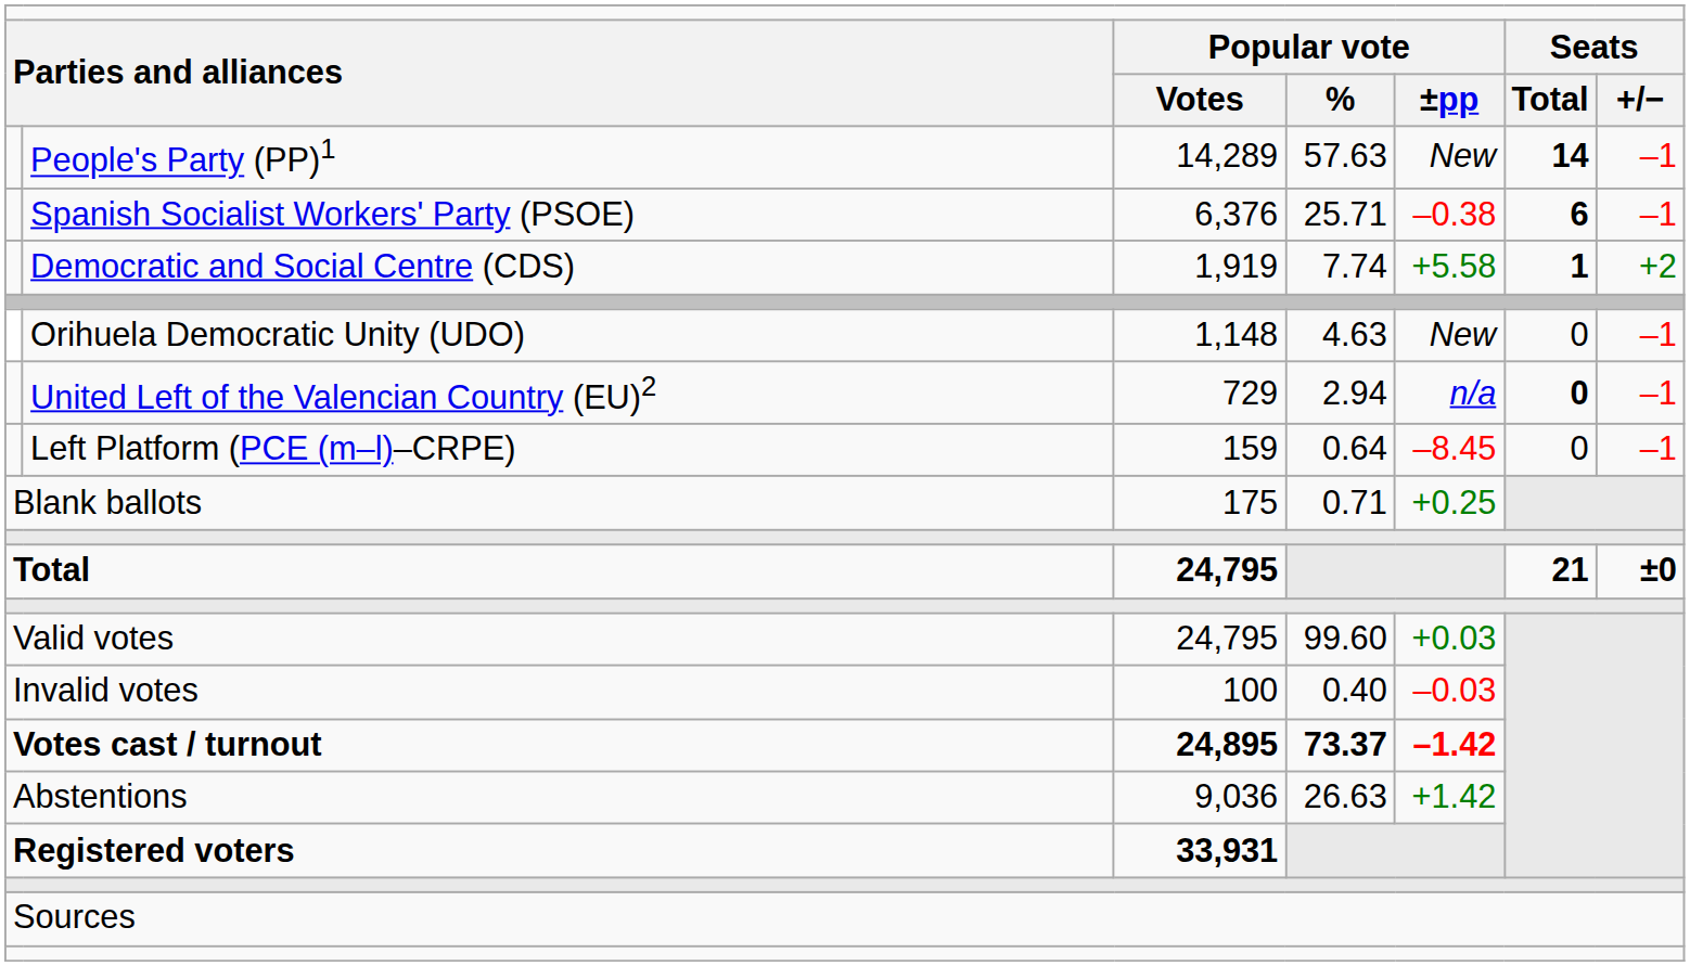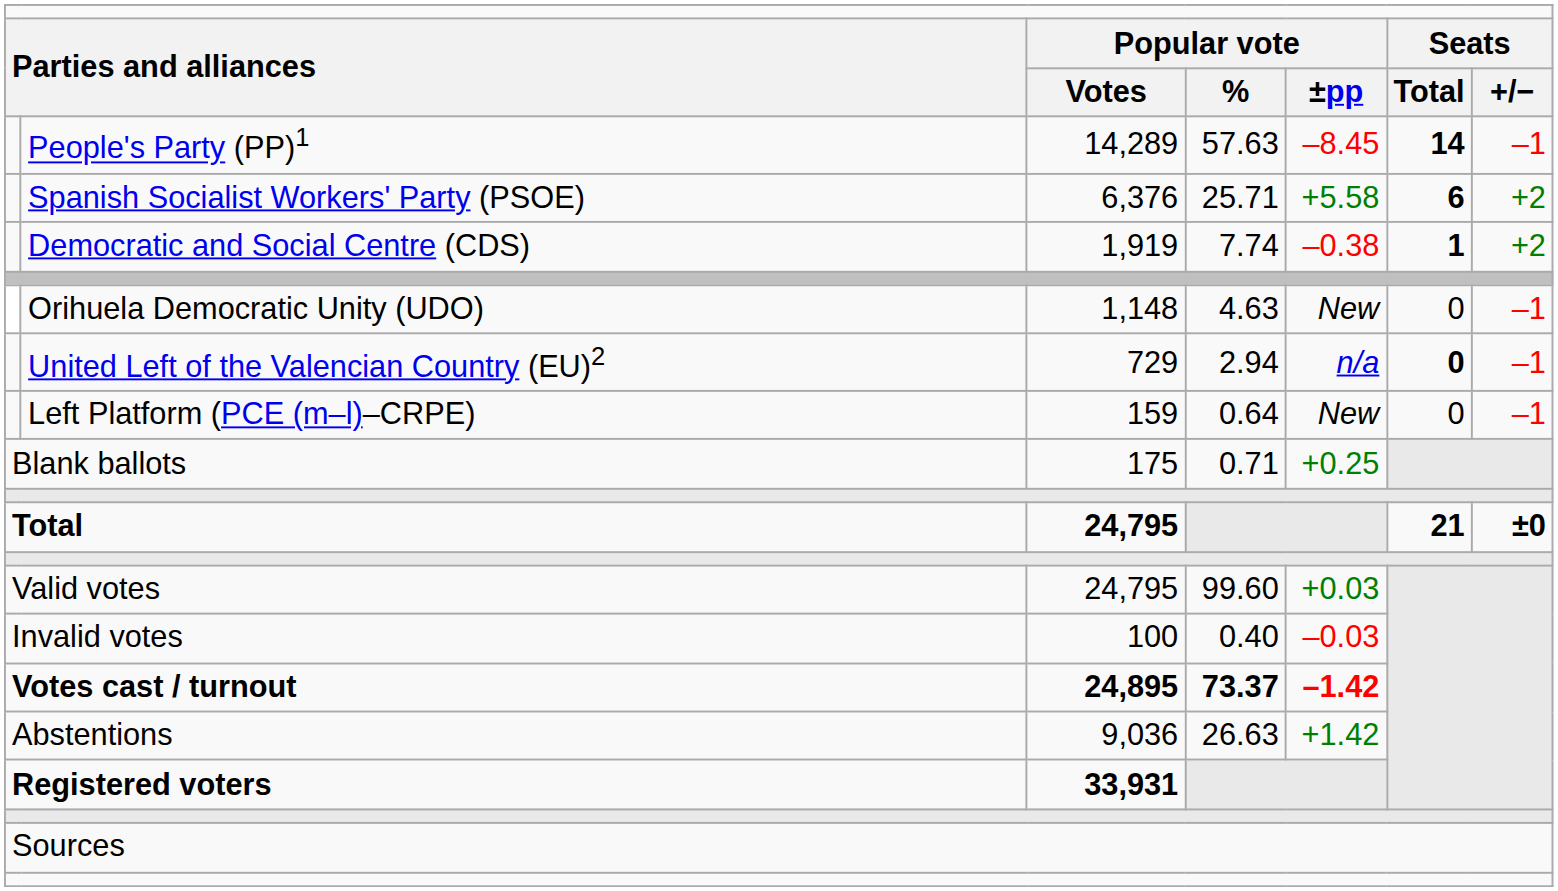 <table class="wikitable" style="text-align:right;">
 <tr>
 <td colspan="7"></td>
 </tr>
 <tr>
 <th style="text-align:left;" rowspan="2" colspan="2" width="525">Parties and alliances</th>
 <th colspan="3">Popular vote</th>
 <th colspan="2">Seats</th>
 </tr>
 <tr>
 <th width="75">Votes</th>
 <th width="45">%</th>
 <th width="45">±<a href='#'>pp</a></th>
 <th width="35">Total</th>
 <th width="35">+/−</th>
 </tr>
 <tr>
 <td width="1" style="color:inherit;background:"></td>
 <td align="left"><a href='#'>People's Party</a> (PP)<sup>1</sup></td>
 <td>14,289</td>
 <td>57.63</td>
-<td><em>New</em></td>
+<td style="color:red;">–8.45</td>
 <td><strong>14</strong></td>
 <td style="color:red;">–1</td>
 </tr>
 <tr>
 <td style="color:inherit;background:"></td>
 <td align="left"><a href='#'>Spanish Socialist Workers' Party</a> (PSOE)</td>
 <td>6,376</td>
 <td>25.71</td>
-<td style="color:red;">–0.38</td>
+<td style="color:green;">+5.58</td>
 <td><strong>6</strong></td>
-<td style="color:red;">–1</td>
+<td style="color:green;">+2</td>
 </tr>
 <tr>
 <td style="color:inherit;background:"></td>
 <td align="left"><a href='#'>Democratic and Social Centre</a> (CDS)</td>
 <td>1,919</td>
 <td>7.74</td>
-<td style="color:green;">+5.58</td>
+<td style="color:red;">–0.38</td>
 <td><strong>1</strong></td>
 <td style="color:green;">+2</td>
 </tr>
 <tr>
 <td colspan="7" bgcolor="#C0C0C0"></td>
 </tr>
 <tr>
 <td bgcolor="white"></td>
 <td align="left">Orihuela Democratic Unity (UDO)</td>
 <td>1,148</td>
 <td>4.63</td>
 <td><em>New</em></td>
 <td>0</td>
 <td style="color:red;">–1</td>
 </tr>
 <tr>
 <td style="color:inherit;background:"></td>
 <td align="left"><a href='#'>United Left of the Valencian Country</a> (EU)<sup>2</sup></td>
 <td>729</td>
 <td>2.94</td>
 <td><em><a href='#'>n/a</a></em></td>
 <td><strong>0</strong></td>
 <td style="color:red;">–1</td>
 </tr>
 <tr>
 <td style="color:inherit;background:"></td>
 <td align="left">Left Platform (<a href='#'>PCE (m–l)</a>–CRPE)</td>
 <td>159</td>
 <td>0.64</td>
-<td style="color:red;">–8.45</td>
+<td><em>New</em></td>
 <td>0</td>
 <td style="color:red;">–1</td>
 </tr>
 <tr>
 <td align="left" colspan="2">Blank ballots</td>
 <td>175</td>
 <td>0.71</td>
 <td style="color:green;">+0.25</td>
 <td bgcolor="#E9E9E9" colspan="2"></td>
 </tr>
 <tr>
 <td colspan="7" bgcolor="#E9E9E9"></td>
 </tr>
 <tr style="font-weight:bold;">
 <td align="left" colspan="2">Total</td>
 <td>24,795</td>
 <td bgcolor="#E9E9E9" colspan="2"></td>
 <td>21</td>
 <td>±0</td>
 </tr>
 <tr>
 <td colspan="7" bgcolor="#E9E9E9"></td>
 </tr>
 <tr>
 <td align="left" colspan="2">Valid votes</td>
 <td>24,795</td>
 <td>99.60</td>
 <td style="color:green;">+0.03</td>
 <td bgcolor="#E9E9E9" colspan="2" rowspan="5"></td>
 </tr>
 <tr>
 <td align="left" colspan="2">Invalid votes</td>
 <td>100</td>
 <td>0.40</td>
 <td style="color:red;">–0.03</td>
 </tr>
 <tr style="font-weight:bold;">
 <td align="left" colspan="2">Votes cast / turnout</td>
 <td>24,895</td>
 <td>73.37</td>
 <td style="color:red;">–1.42</td>
 </tr>
 <tr>
 <td align="left" colspan="2">Abstentions</td>
 <td>9,036</td>
 <td>26.63</td>
 <td style="color:green;">+1.42</td>
 </tr>
 <tr style="font-weight:bold;">
 <td align="left" colspan="2">Registered voters</td>
 <td>33,931</td>
 <td bgcolor="#E9E9E9" colspan="2"></td>
 </tr>
 <tr>
 <td colspan="7" bgcolor="#E9E9E9"></td>
 </tr>
 <tr>
 <td align="left" colspan="7">Sources</td>
 </tr>
 <tr>
 <td colspan="7" style="text-align:left; max-width:790px;"></td>
 </tr>
 </table>
